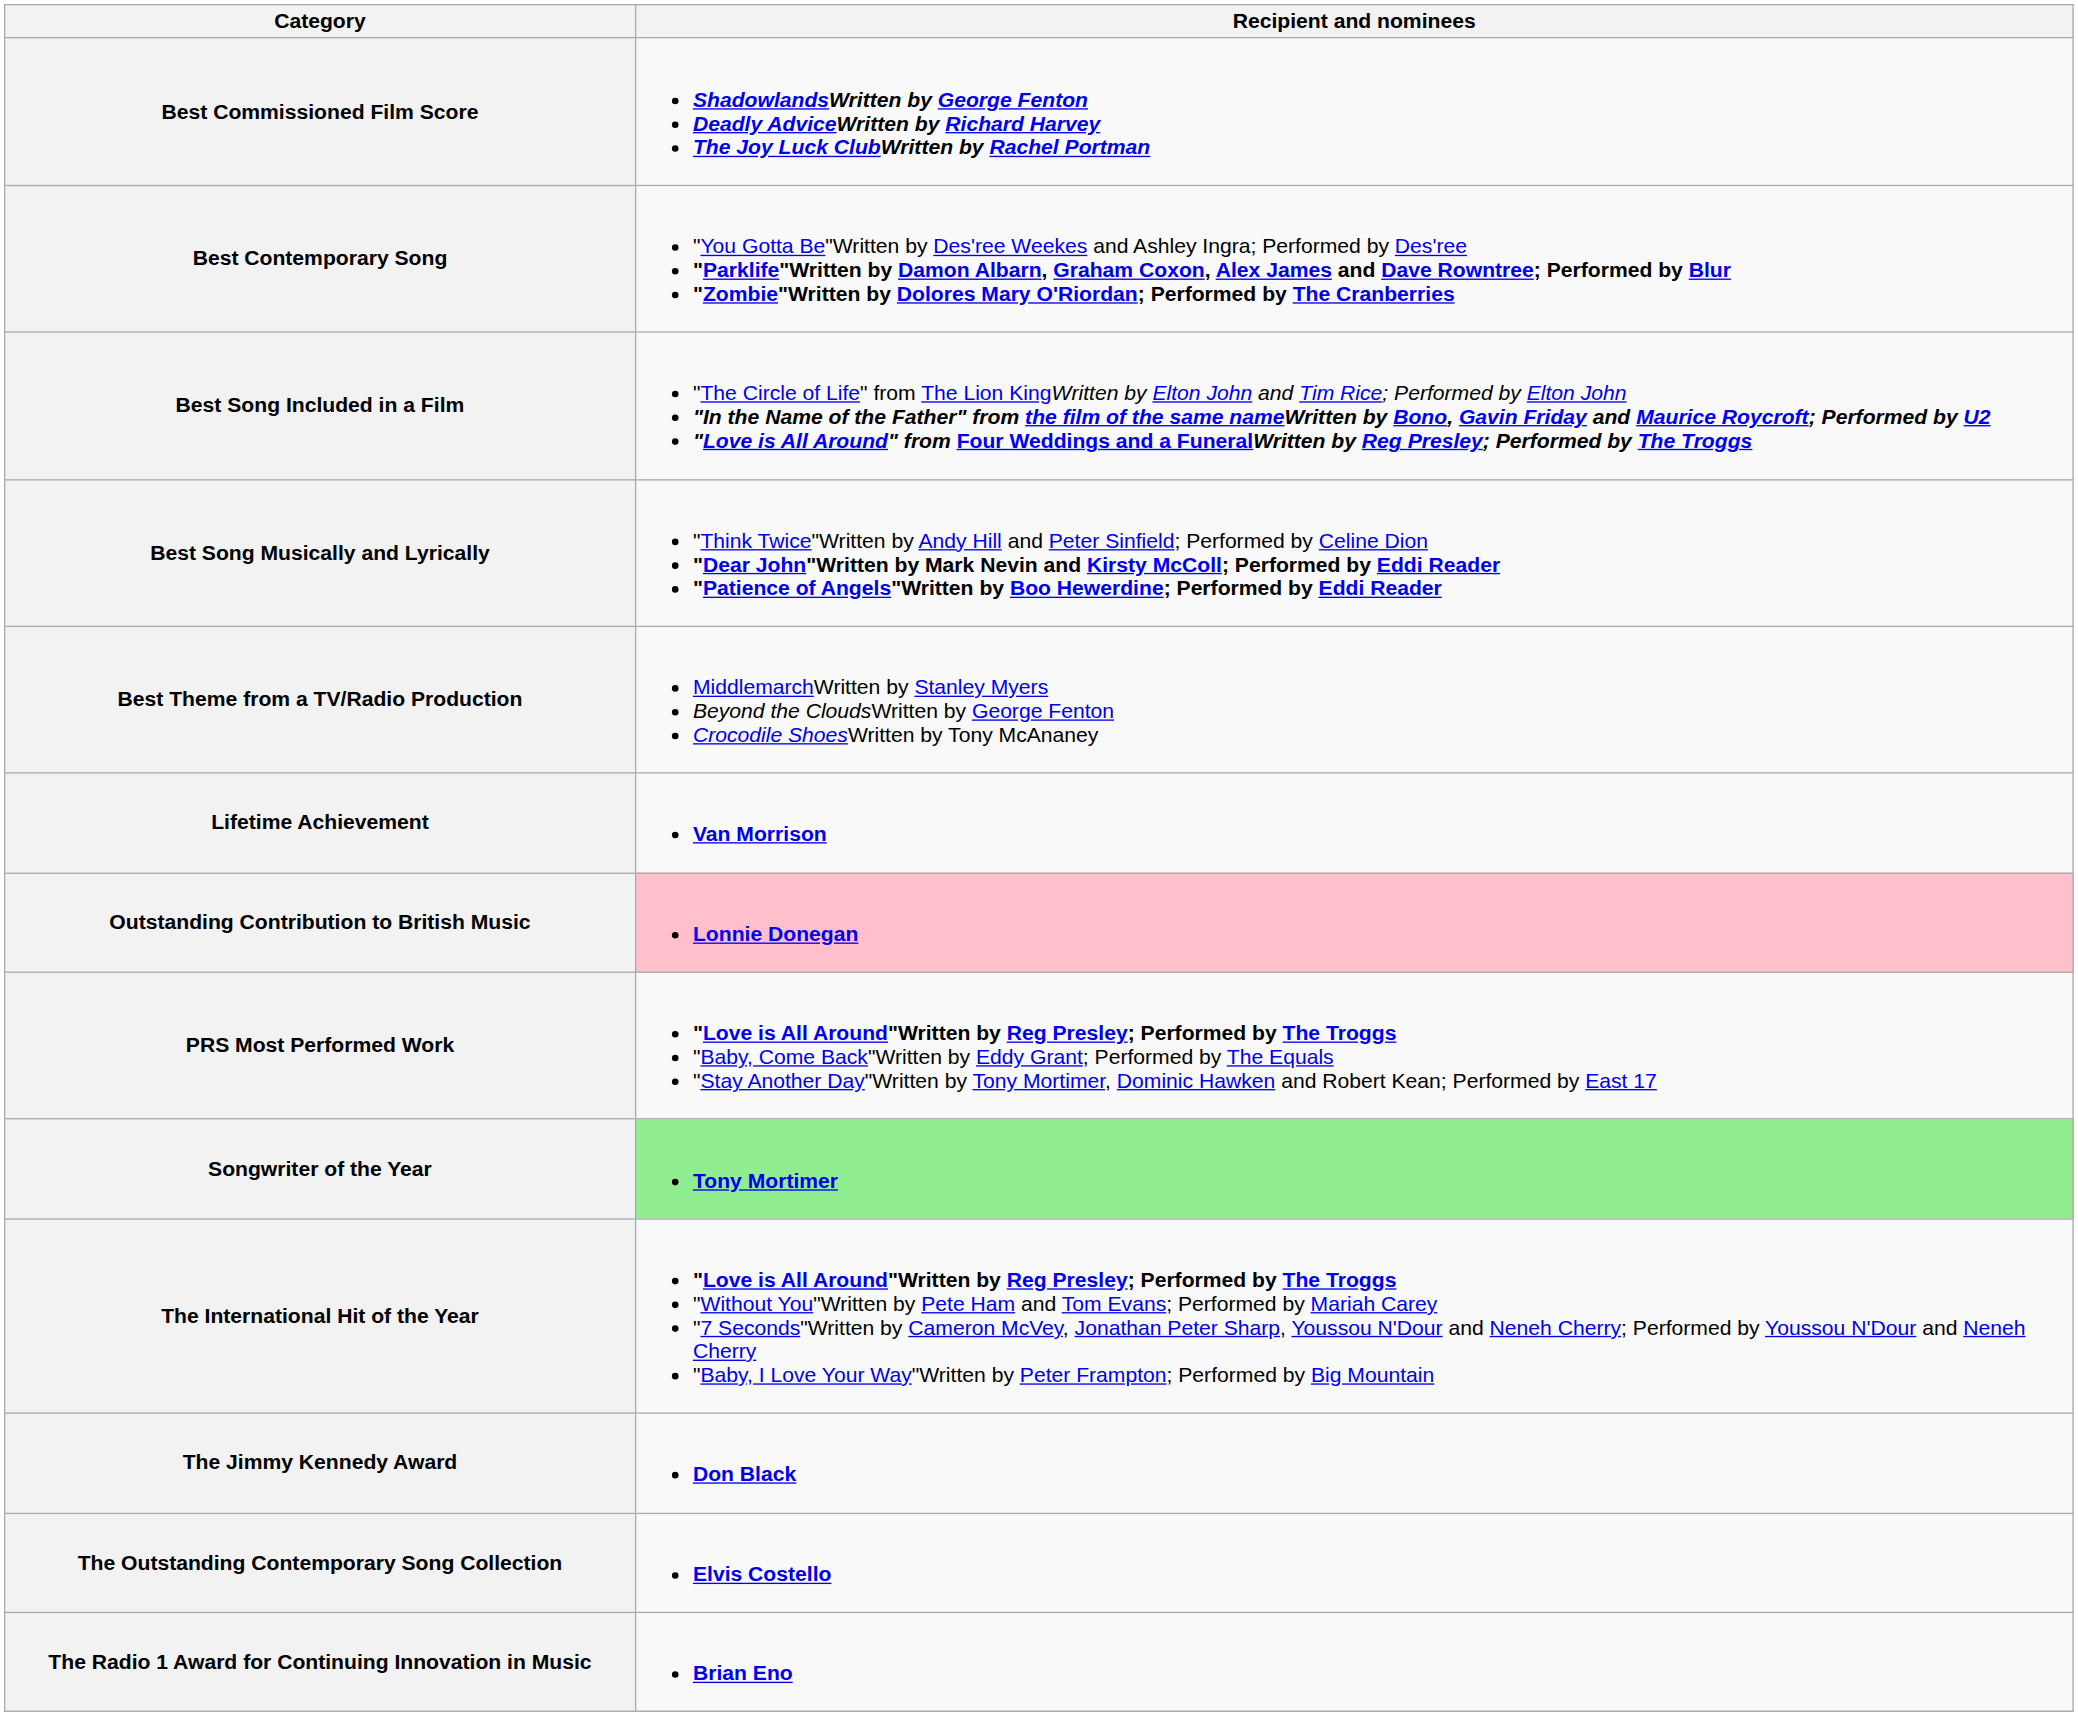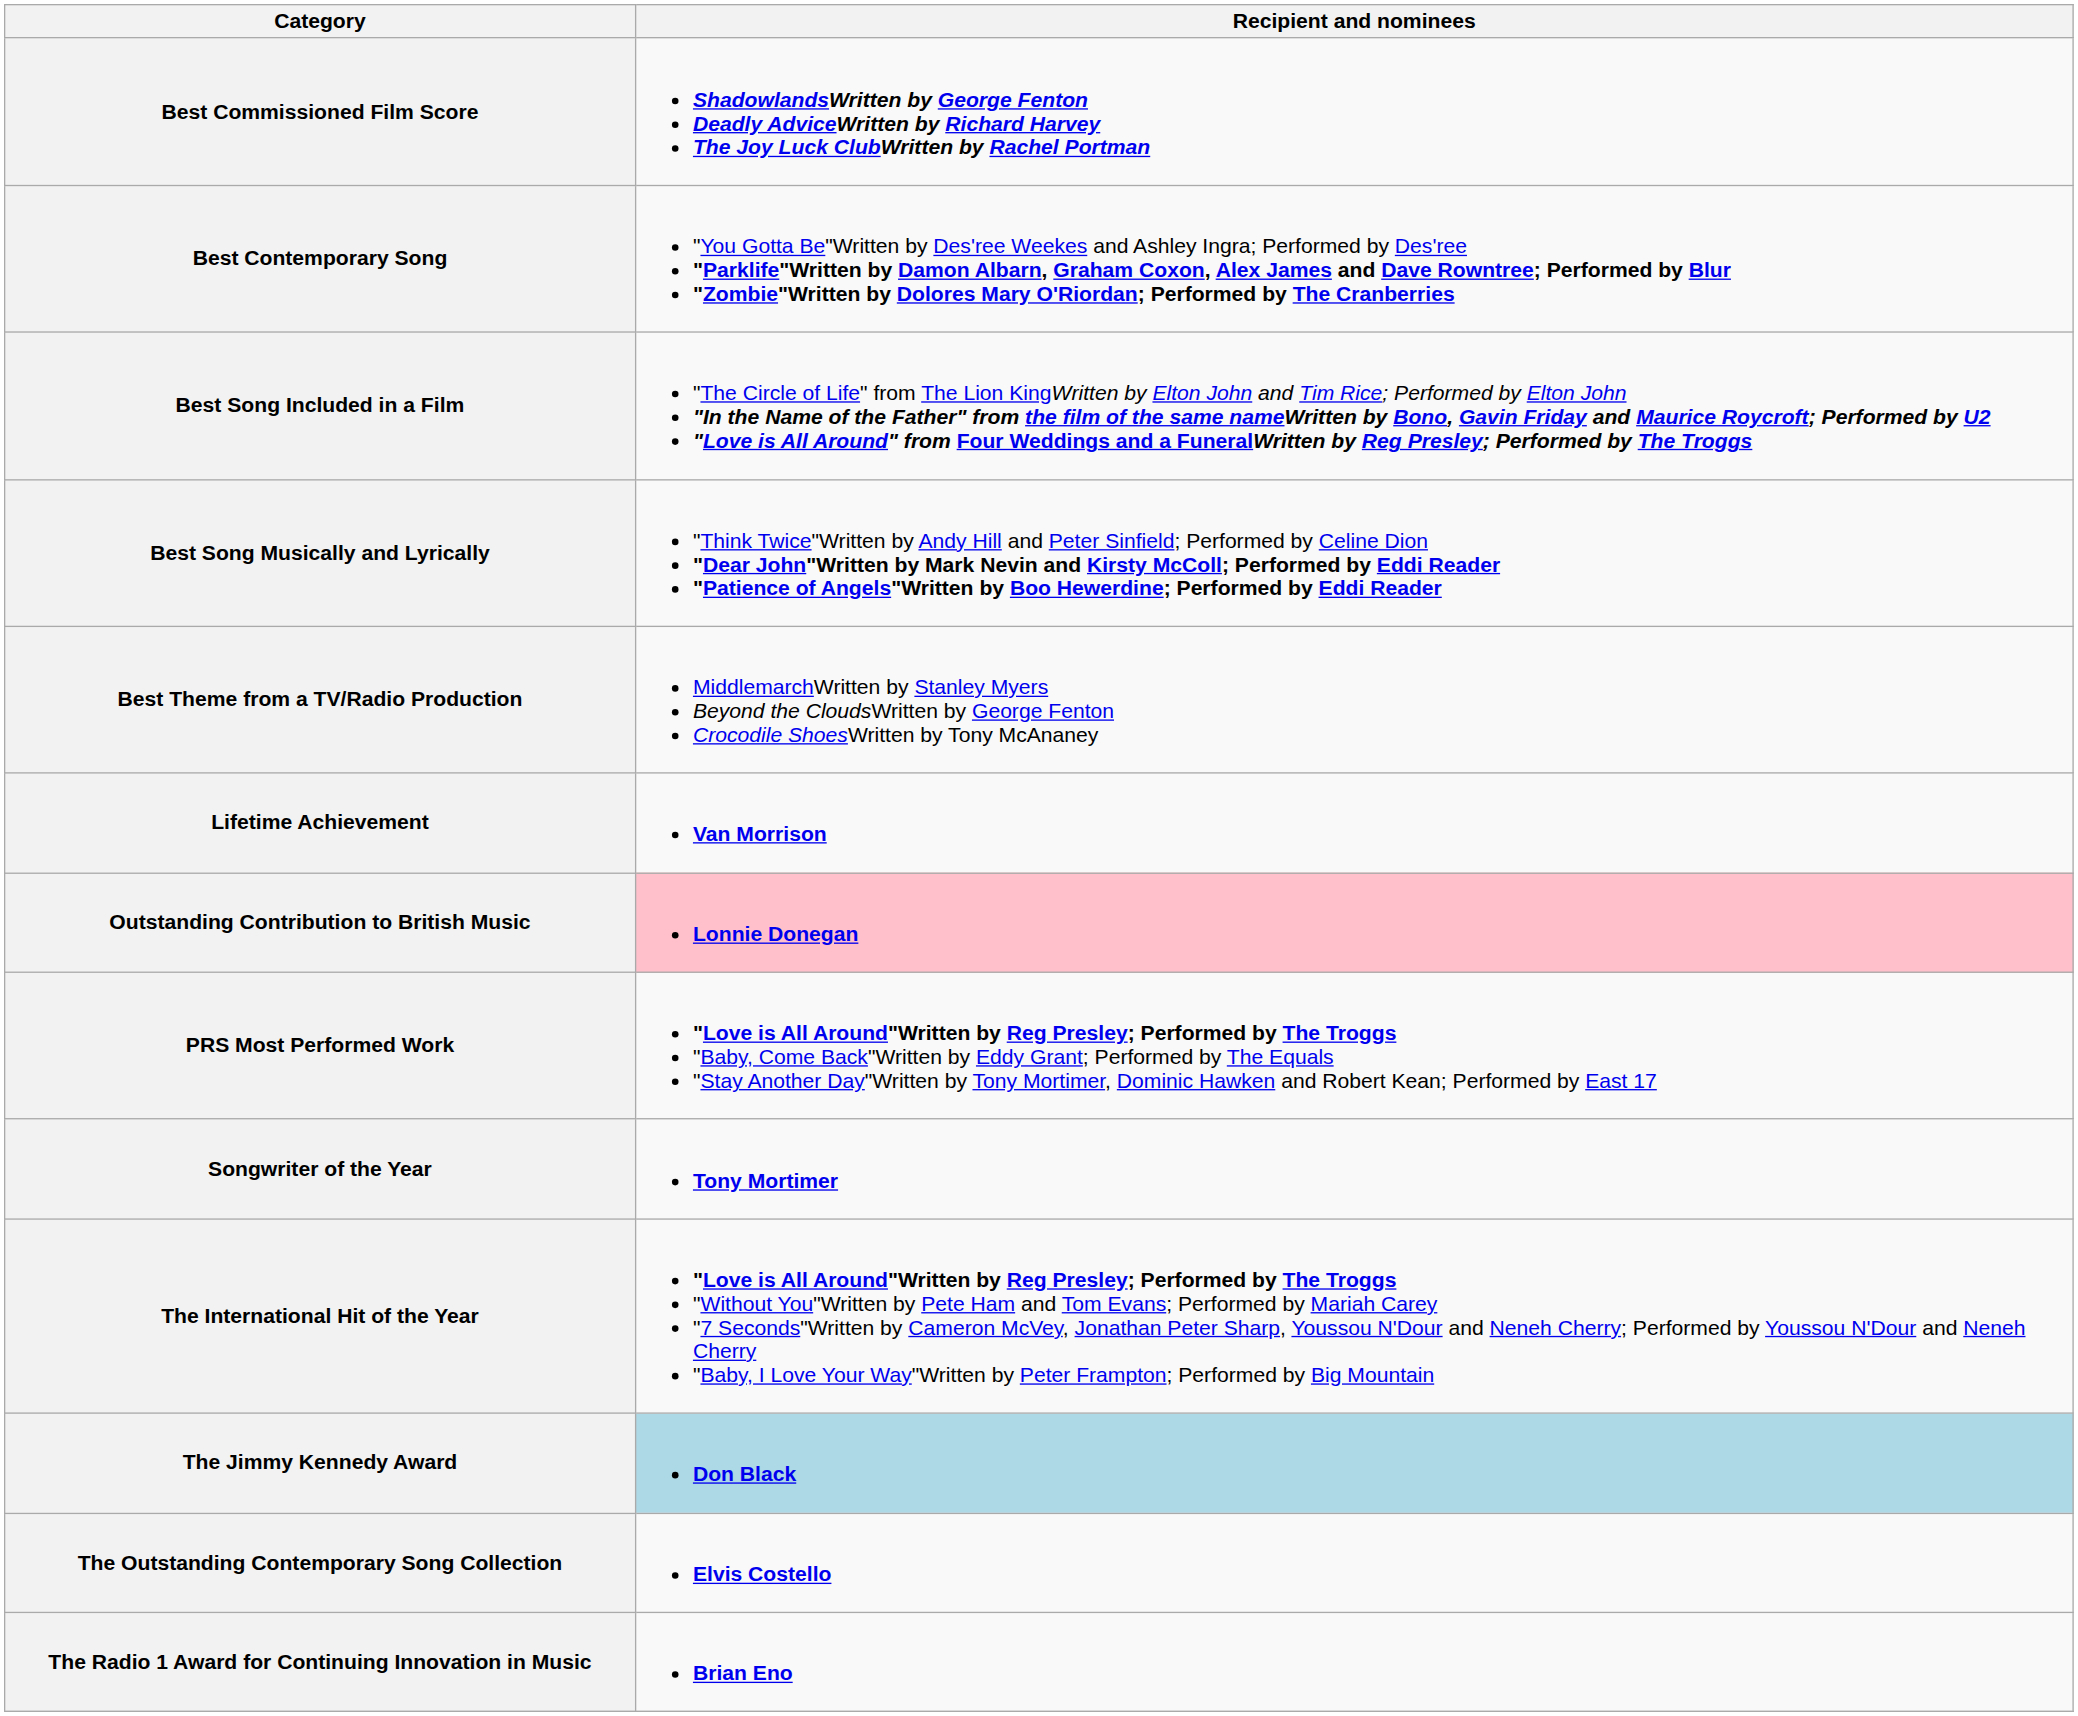 <table class="wikitable">
 <tr>
 <th width="25%">Category</th>
 <th width="57%">Recipient and nominees</th>
 </tr>
 <tr>
 <th scope="row">Best Commissioned Film Score</th>
 <td><br><ul><li><strong><em><a href='#'>Shadowlands</a><em>Written by <a href='#'>George Fenton</a><strong></li><li></em><a href='#'>Deadly Advice</a><em>Written by <a href='#'>Richard Harvey</a></li><li></em><a href='#'>The Joy Luck Club</a><em>Written by <a href='#'>Rachel Portman</a></li></ul></td>
 </tr>
 <tr>
 <th scope="row">Best Contemporary Song</th>
 <td><br><ul><li></strong>"<a href='#'>You Gotta Be</a>"Written by <a href='#'>Des'ree Weekes</a> and Ashley Ingra; Performed by <a href='#'>Des'ree</a><strong></li><li>"<a href='#'>Parklife</a>"Written by <a href='#'>Damon Albarn</a>, <a href='#'>Graham Coxon</a>, <a href='#'>Alex James</a> and <a href='#'>Dave Rowntree</a>; Performed by <a href='#'>Blur</a></li><li>"<a href='#'>Zombie</a>"Written by <a href='#'>Dolores Mary O'Riordan</a>; Performed by <a href='#'>The Cranberries</a></li></ul></td>
 </tr>
 <tr>
 <th scope="row">Best Song Included in a Film</th>
 <td><br><ul><li></strong>"<a href='#'>The Circle of Life</a>" from </em><a href='#'>The Lion King</a><em>Written by <a href='#'>Elton John</a> and <a href='#'>Tim Rice</a>; Performed by <a href='#'>Elton John</a><strong></li><li>"In the Name of the Father" from <a href='#'>the film of the same name</a>Written by <a href='#'>Bono</a>, <a href='#'>Gavin Friday</a> and <a href='#'>Maurice Roycroft</a>; Performed by <a href='#'>U2</a></li><li>"<a href='#'>Love is All Around</a>" from </em><a href='#'>Four Weddings and a Funeral</a><em>Written by <a href='#'>Reg Presley</a>; Performed by <a href='#'>The Troggs</a></li></ul></td>
 </tr>
 <tr>
 <th scope="row">Best Song Musically and Lyrically</th>
 <td><br><ul><li></strong>"<a href='#'>Think Twice</a>"Written by <a href='#'>Andy Hill</a> and <a href='#'>Peter Sinfield</a>; Performed by <a href='#'>Celine Dion</a><strong></li><li>"<a href='#'>Dear John</a>"Written by Mark Nevin and <a href='#'>Kirsty McColl</a>; Performed by <a href='#'>Eddi Reader</a></li><li>"<a href='#'>Patience of Angels</a>"Written by <a href='#'>Boo Hewerdine</a>; Performed by <a href='#'>Eddi Reader</a></li></ul></td>
 </tr>
 <tr>
 <th scope="row">Best Theme from a TV/Radio Production</th>
 <td><br><ul><li></em></strong><a href='#'>Middlemarch</a></em>Written by <a href='#'>Stanley Myers</a></strong></li><li><em>Beyond the Clouds</em>Written by <a href='#'>George Fenton</a></li><li><em><a href='#'>Crocodile Shoes</a></em>Written by Tony McAnaney</li></ul></td>
 </tr>
 <tr>
 <th scope="row">Lifetime Achievement</th>
 <td><br><ul><li><strong><a href='#'>Van Morrison</a></strong></li></ul></td>
 </tr>
 <tr>
 <th scope="row">Outstanding Contribution to British Music</th>
 <td style="background: pink;"><br><ul><li><strong><a href='#'>Lonnie Donegan</a></strong></li></ul></td>
 </tr>
 <tr>
 <th scope="row">PRS Most Performed Work</th>
 <td><br><ul><li><strong>"<a href='#'>Love is All Around</a>"Written by <a href='#'>Reg Presley</a>; Performed by <a href='#'>The Troggs</a></strong></li><li>"<a href='#'>Baby, Come Back</a>"Written by <a href='#'>Eddy Grant</a>; Performed by <a href='#'>The Equals</a></li><li>"<a href='#'>Stay Another Day</a>"Written by <a href='#'>Tony Mortimer</a>, <a href='#'>Dominic Hawken</a> and Robert Kean; Performed by <a href='#'>East 17</a></li></ul></td>
 </tr>
 <tr>
 <th scope="row">Songwriter of the Year</th>
-<td style="background: lightgreen;"><br><ul><li><strong><a href='#'>Tony Mortimer</a></strong></li></ul></td>
+<td><br><ul><li><strong><a href='#'>Tony Mortimer</a></strong></li></ul></td>
 </tr>
 <tr>
 <th scope="row">The International Hit of the Year</th>
 <td><br><ul><li><strong>"<a href='#'>Love is All Around</a>"Written by <a href='#'>Reg Presley</a>; Performed by <a href='#'>The Troggs</a></strong></li><li>"<a href='#'>Without You</a>"Written by <a href='#'>Pete Ham</a> and <a href='#'>Tom Evans</a>; Performed by <a href='#'>Mariah Carey</a></li><li>"<a href='#'>7 Seconds</a>"Written by <a href='#'>Cameron McVey</a>, <a href='#'>Jonathan Peter Sharp</a>, <a href='#'>Youssou N'Dour</a> and <a href='#'>Neneh Cherry</a>; Performed by <a href='#'>Youssou N'Dour</a> and <a href='#'>Neneh Cherry</a></li><li>"<a href='#'>Baby, I Love Your Way</a>"Written by <a href='#'>Peter Frampton</a>; Performed by <a href='#'>Big Mountain</a></li></ul></td>
 </tr>
 <tr>
 <th scope="row">The Jimmy Kennedy Award</th>
-<td><br><ul><li><strong><a href='#'>Don Black</a></strong></li></ul></td>
+<td style="background: lightblue;"><br><ul><li><strong><a href='#'>Don Black</a></strong></li></ul></td>
 </tr>
 <tr>
 <th scope="row">The Outstanding Contemporary Song Collection</th>
 <td><br><ul><li><strong><a href='#'>Elvis Costello</a></strong></li></ul></td>
 </tr>
 <tr>
 <th scope="row">The Radio 1 Award for Continuing Innovation in Music</th>
 <td><br><ul><li><strong><a href='#'>Brian Eno</a></strong></li></ul></td>
 </tr>
 <tr>
 </tr>
 </table>
